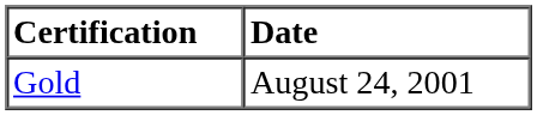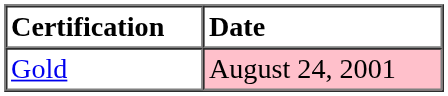 <table border="1" cellspacing="0" cellpadding="2" style="width:250px;">
 <tr>
 <th align="left">Certification</th>
 <th align="left">Date</th>
 </tr>
 <tr>
 <td align="left"><a href='#'>Gold</a></td>
-<td align="left">August 24, 2001</td>
+<td align="left" style="background: pink;">August 24, 2001</td>
 </tr>
 </table>
